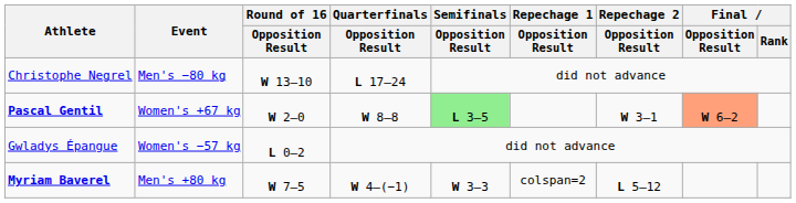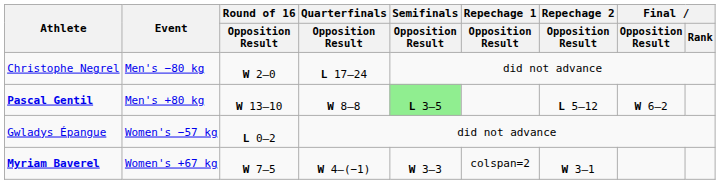 <table class="wikitable" style="font-size:90%;">
 <tr>
 <th rowspan=2>Athlete</th>
 <th rowspan=2>Event</th>
 <th>Round of 16</th>
 <th>Quarterfinals</th>
 <th>Semifinals</th>
 <th>Repechage 1</th>
 <th>Repechage 2</th>
 <th colspan=2>Final / </th>
 </tr>
 <tr style="font-size:95%">
 <th>Opposition<br>Result</th>
 <th>Opposition<br>Result</th>
 <th>Opposition<br>Result</th>
 <th>Opposition<br>Result</th>
 <th>Opposition<br>Result</th>
 <th>Opposition<br>Result</th>
 <th>Rank</th>
 </tr>
 <tr align=center>
 <td align=left><a href='#'>Christophe Negrel</a></td>
 <td align=left><a href='#'>Men's −80 kg</a></td>
-<td><br><strong>W</strong> 13–10</td>
+<td><br><strong>W</strong> 2–0</td>
 <td><br><strong>L</strong> 17–24</td>
 <td colspan=5>did not advance</td>
 </tr>
 <tr align=center>
 <td align=left><strong><a href='#'>Pascal Gentil</a></strong></td>
-<td align=left><a href='#'>Women's +67 kg</a></td>
-<td><br><strong>W</strong> 2–0</td>
+<td align=left><a href='#'>Men's +80 kg</a></td>
+<td><br><strong>W</strong> 13–10</td>
 <td><br><strong>W</strong> 8–8 </td>
 <td style="background: lightgreen;"><br><strong>L</strong> 3–5</td>
 <td></td>
-<td><br><strong>W</strong> 3–1</td>
-<td style="background: lightsalmon;"><br><strong>W</strong> 6–2</td>
+<td><br><strong>L</strong> 5–12</td>
+<td><br><strong>W</strong> 6–2</td>
 <td></td>
 </tr>
 <tr align=center>
 <td align=left><a href='#'>Gwladys Épangue</a></td>
 <td align=left><a href='#'>Women's −57 kg</a></td>
 <td><br><strong>L</strong> 0–2</td>
 <td colspan=6>did not advance</td>
 </tr>
 <tr align=center>
 <td align=left><strong><a href='#'>Myriam Baverel</a></strong></td>
-<td align=left><a href='#'>Men's +80 kg</a></td>
+<td align=left><a href='#'>Women's +67 kg</a></td>
 <td><br><strong>W</strong> 7–5</td>
 <td><br><strong>W</strong> 4–(−1)</td>
 <td><br><strong>W</strong> 3–3 </td>
 <td>colspan=2 </td>
-<td><br><strong>L</strong> 5–12</td>
+<td><br><strong>W</strong> 3–1</td>
 <td></td>
 </tr>
 </table>
